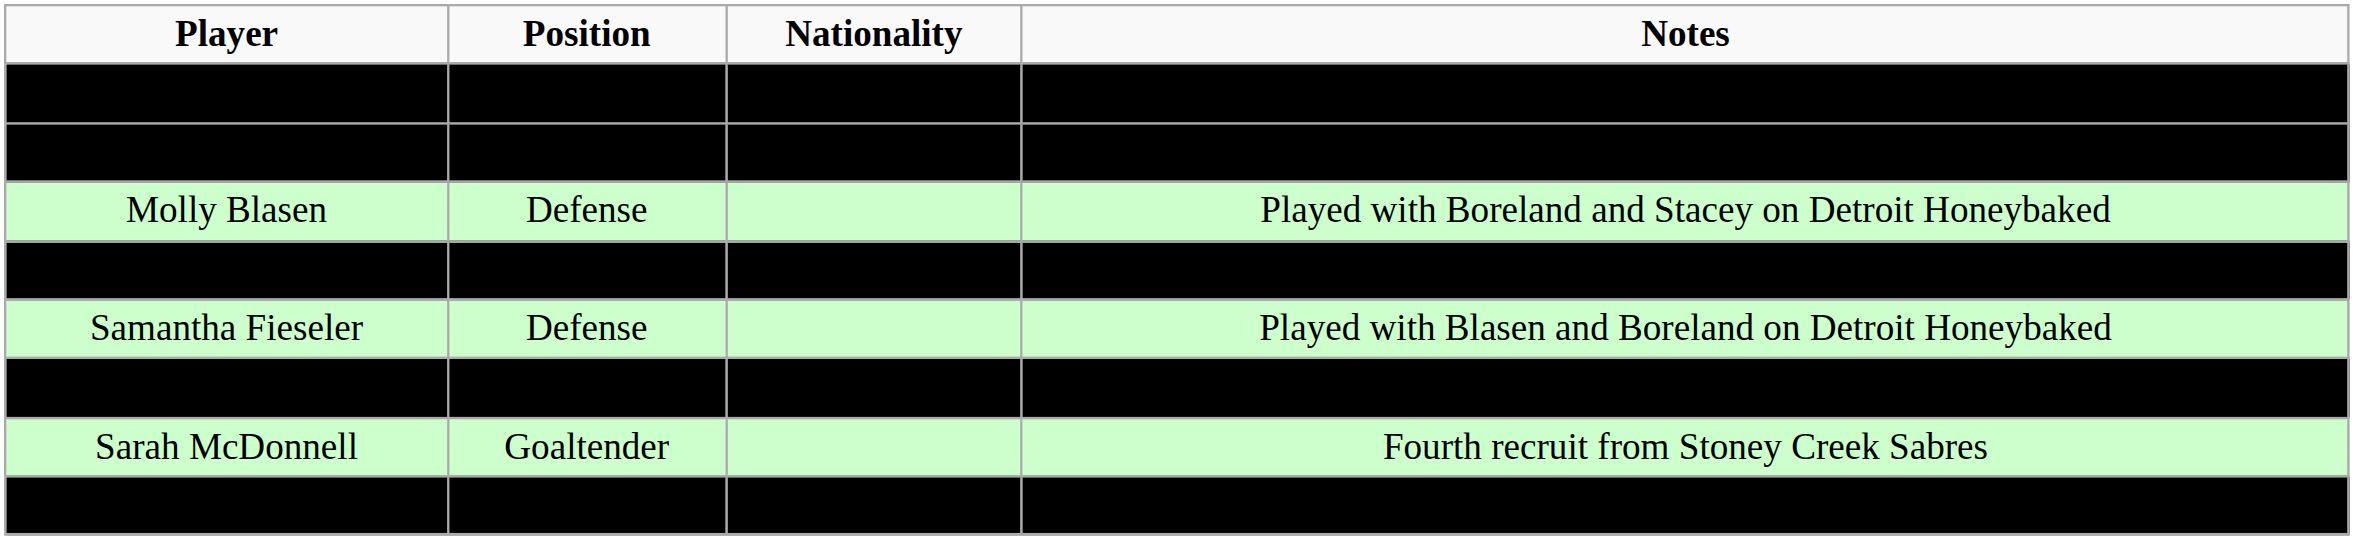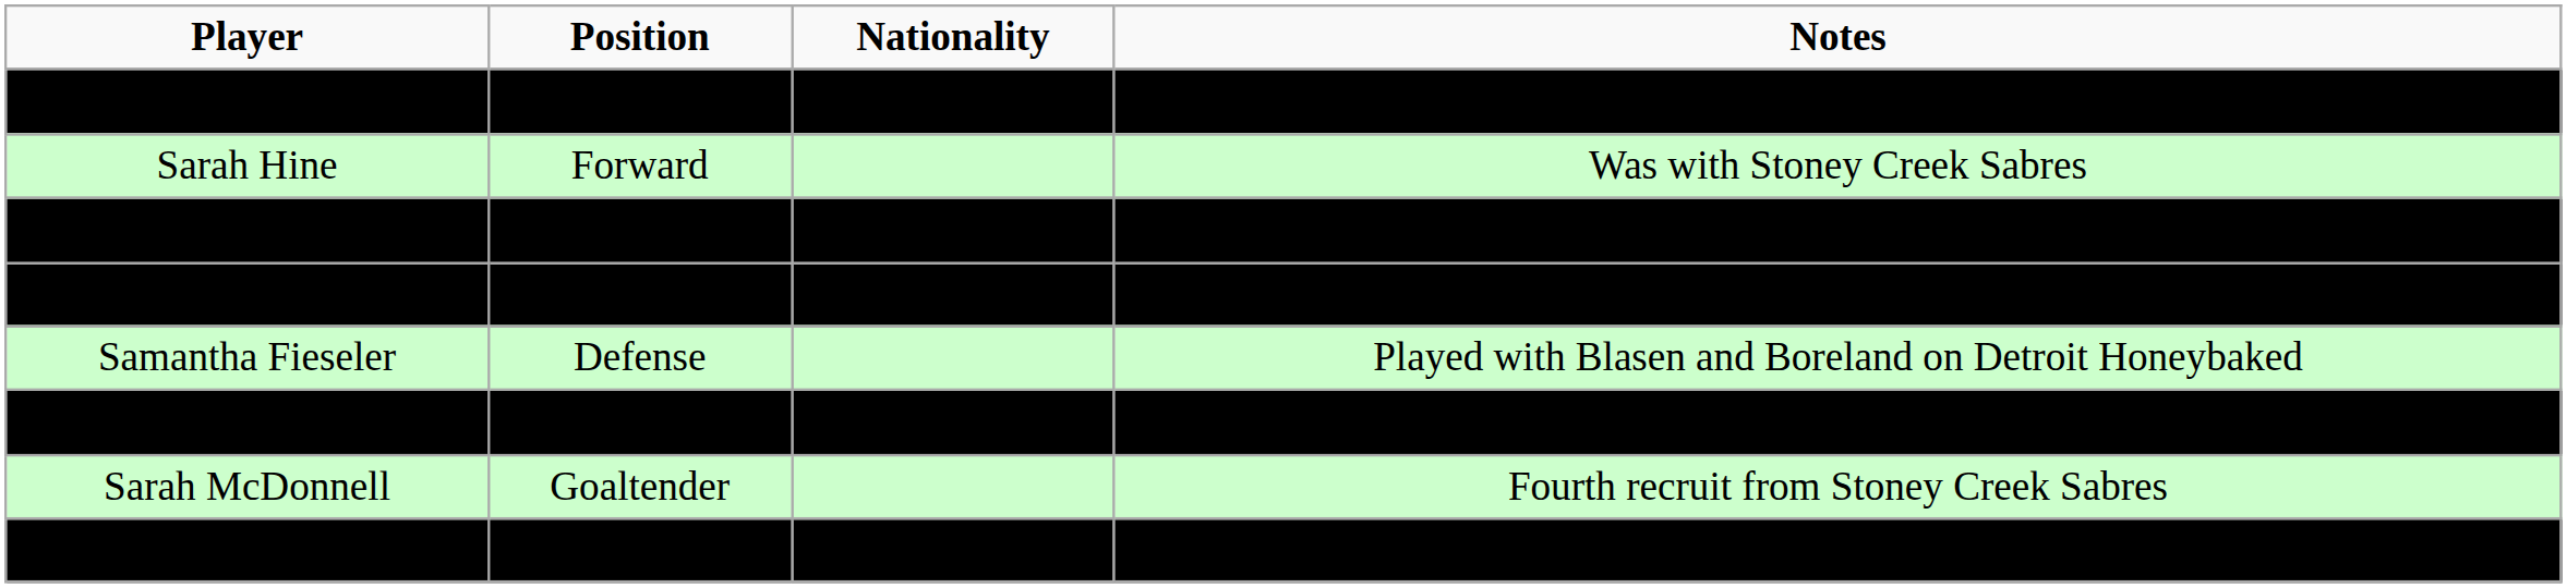 <table class="wikitable" width="80%">
 <tr align="center">
 <td><strong>Player</strong></td>
 <td><strong>Position</strong></td>
 <td><strong>Nationality</strong></td>
 <td><strong>Notes</strong></td>
 </tr>
 <tr align="center" bgcolor=" ">
 <td>Lea Boreland</td>
 <td><strong>Forward</strong></td>
 <td></td>
 <td>Played with Detroit Honeybaked</td>
 </tr>
+<tr align="center" bgcolor="#ccffcc ">
+<td>Sarah Hine</td>
+<td>Forward</td>
+<td></td>
+<td>Was with Stoney Creek Sabres</td>
+</tr>
 <tr align="center" bgcolor=" ">
 <td>Rachael Smith</td>
 <td>Forward</td>
 <td></td>
 <td>Played with Hine on Stoney Creek Sabres</td>
 </tr>
-<tr align="center" bgcolor="#ccffcc ">
-<td>Molly Blasen</td>
-<td>Defense</td>
-<td></td>
-<td>Played with Boreland and Stacey on Detroit Honeybaked</td>
-</tr>
 <tr align="center" bgcolor=" ">
 <td>Nicole Collier</td>
-<td>Defense</td>
+<td><strong>Defense</strong></td>
 <td></td>
 <td>Acclaimed Goaltender with Assabet Valley Team</td>
 </tr>
 <tr align="center" bgcolor="#ccffcc ">
 <td>Samantha Fieseler</td>
 <td>Defense</td>
 <td></td>
 <td>Played with Blasen and Boreland on Detroit Honeybaked</td>
 </tr>
 <tr align="center" bgcolor=" ">
 <td>Morgan Stacey</td>
 <td>Defense</td>
 <td></td>
 <td>Gold medalist with 2014 Team Canada U18</td>
 </tr>
 <tr align="center" bgcolor=" #ccffcc ">
 <td>Sarah McDonnell</td>
 <td>Goaltender</td>
 <td></td>
 <td>Fourth recruit from Stoney Creek Sabres</td>
 </tr>
 <tr align="center" bgcolor=" ">
 <td>Kerri St. Denis</td>
 <td>Goaltender</td>
 <td></td>
 <td>Third recruit from Stoney Creek Sabres</td>
 </tr>
 <tr align="center" bgcolor=" ">
 </tr>
 </table>
